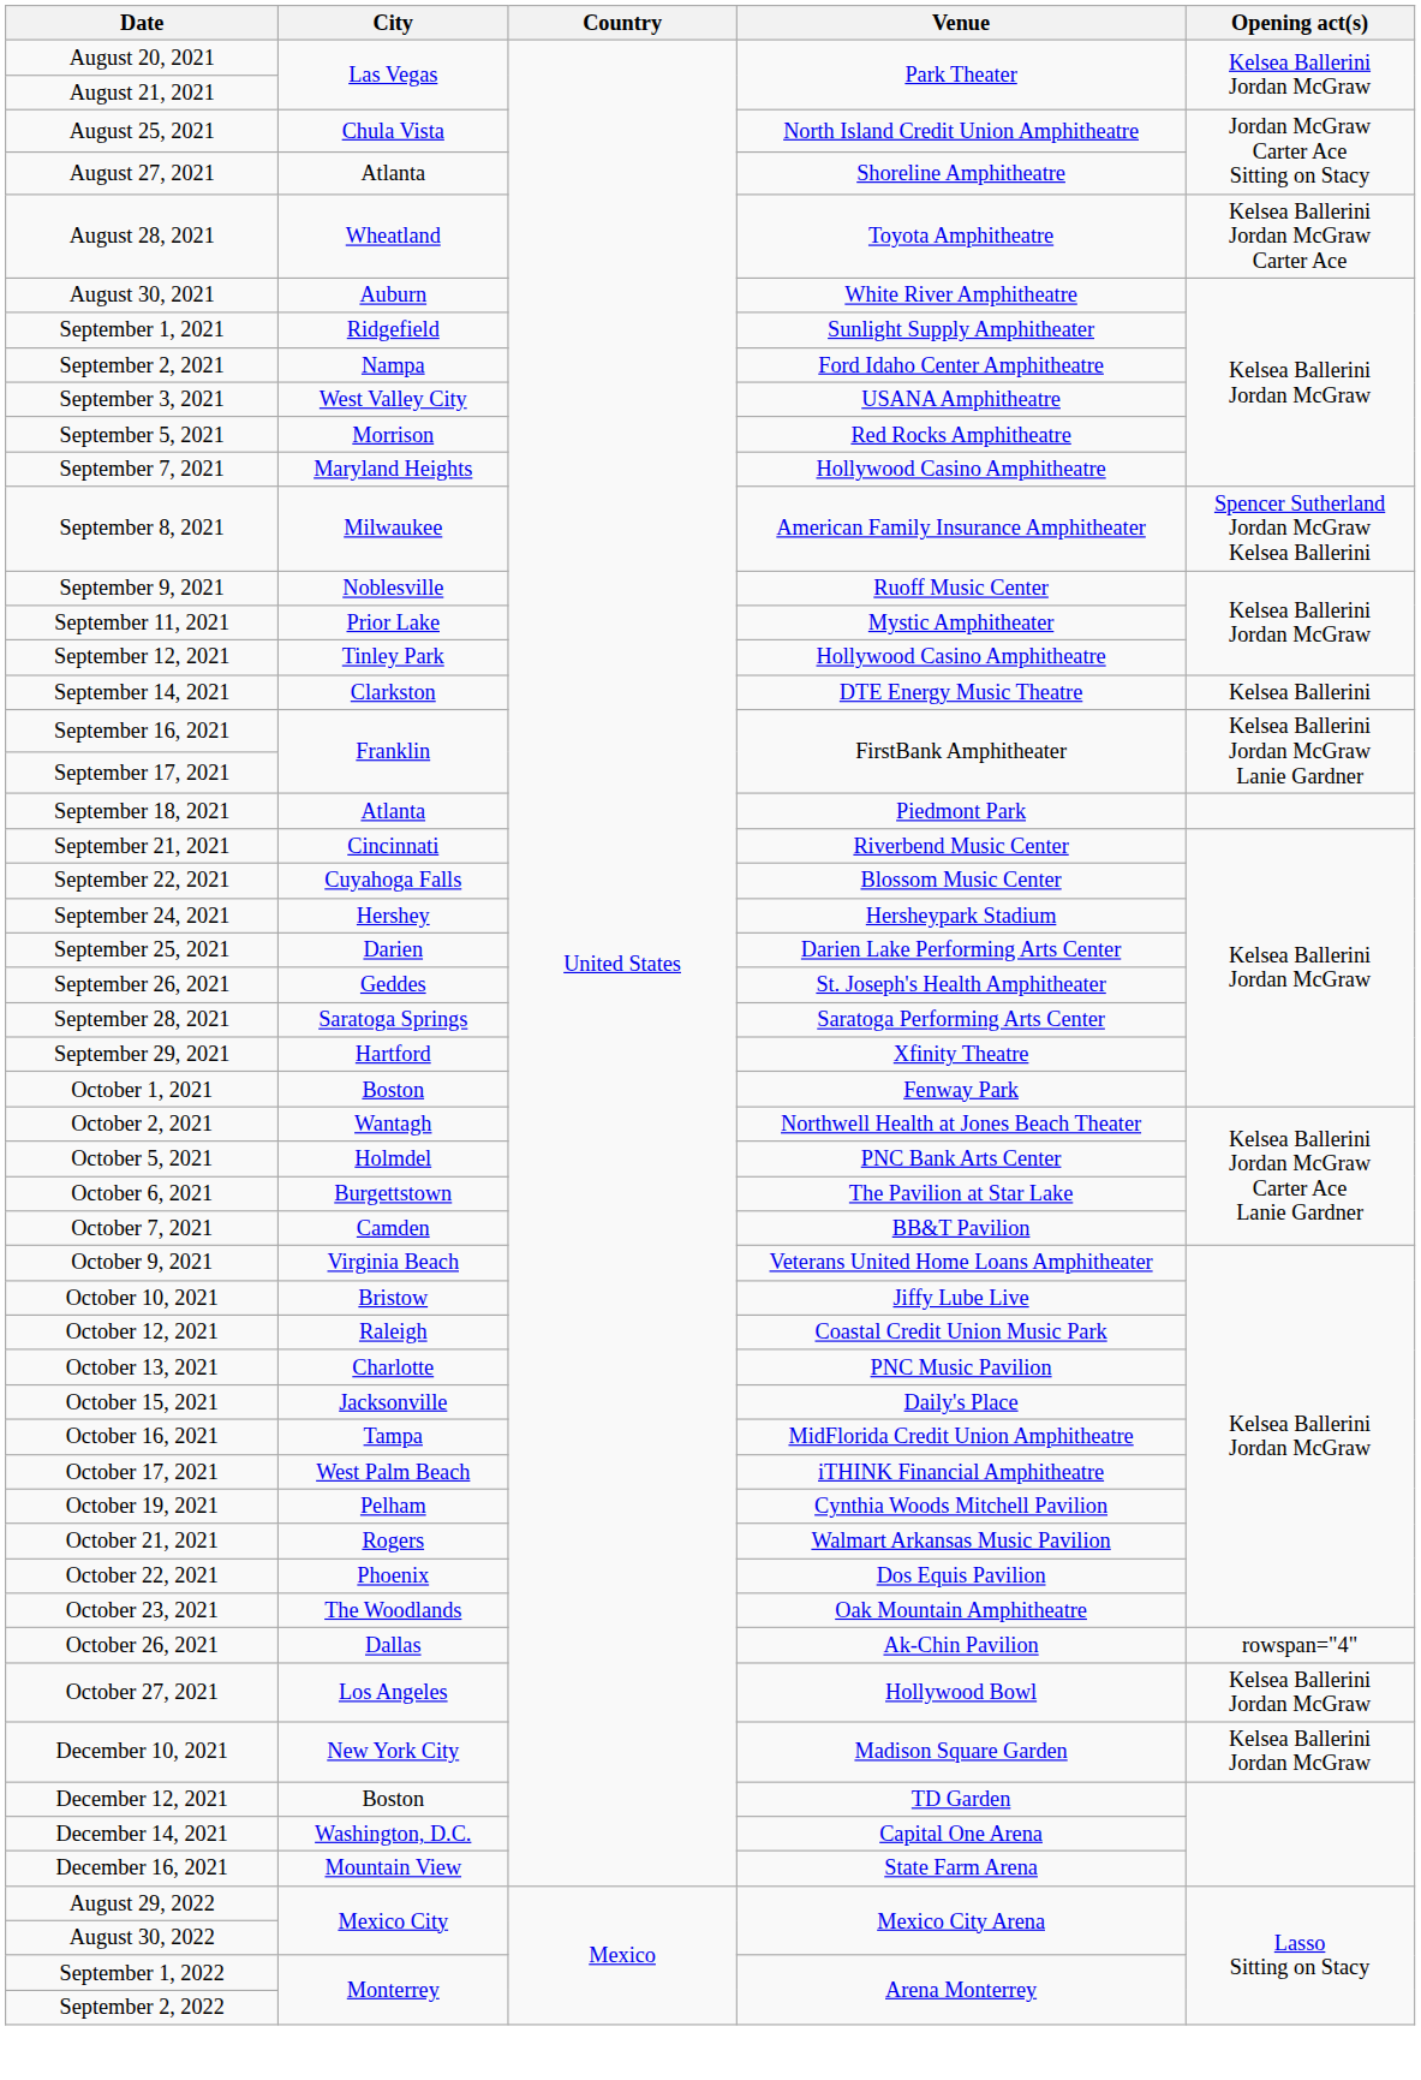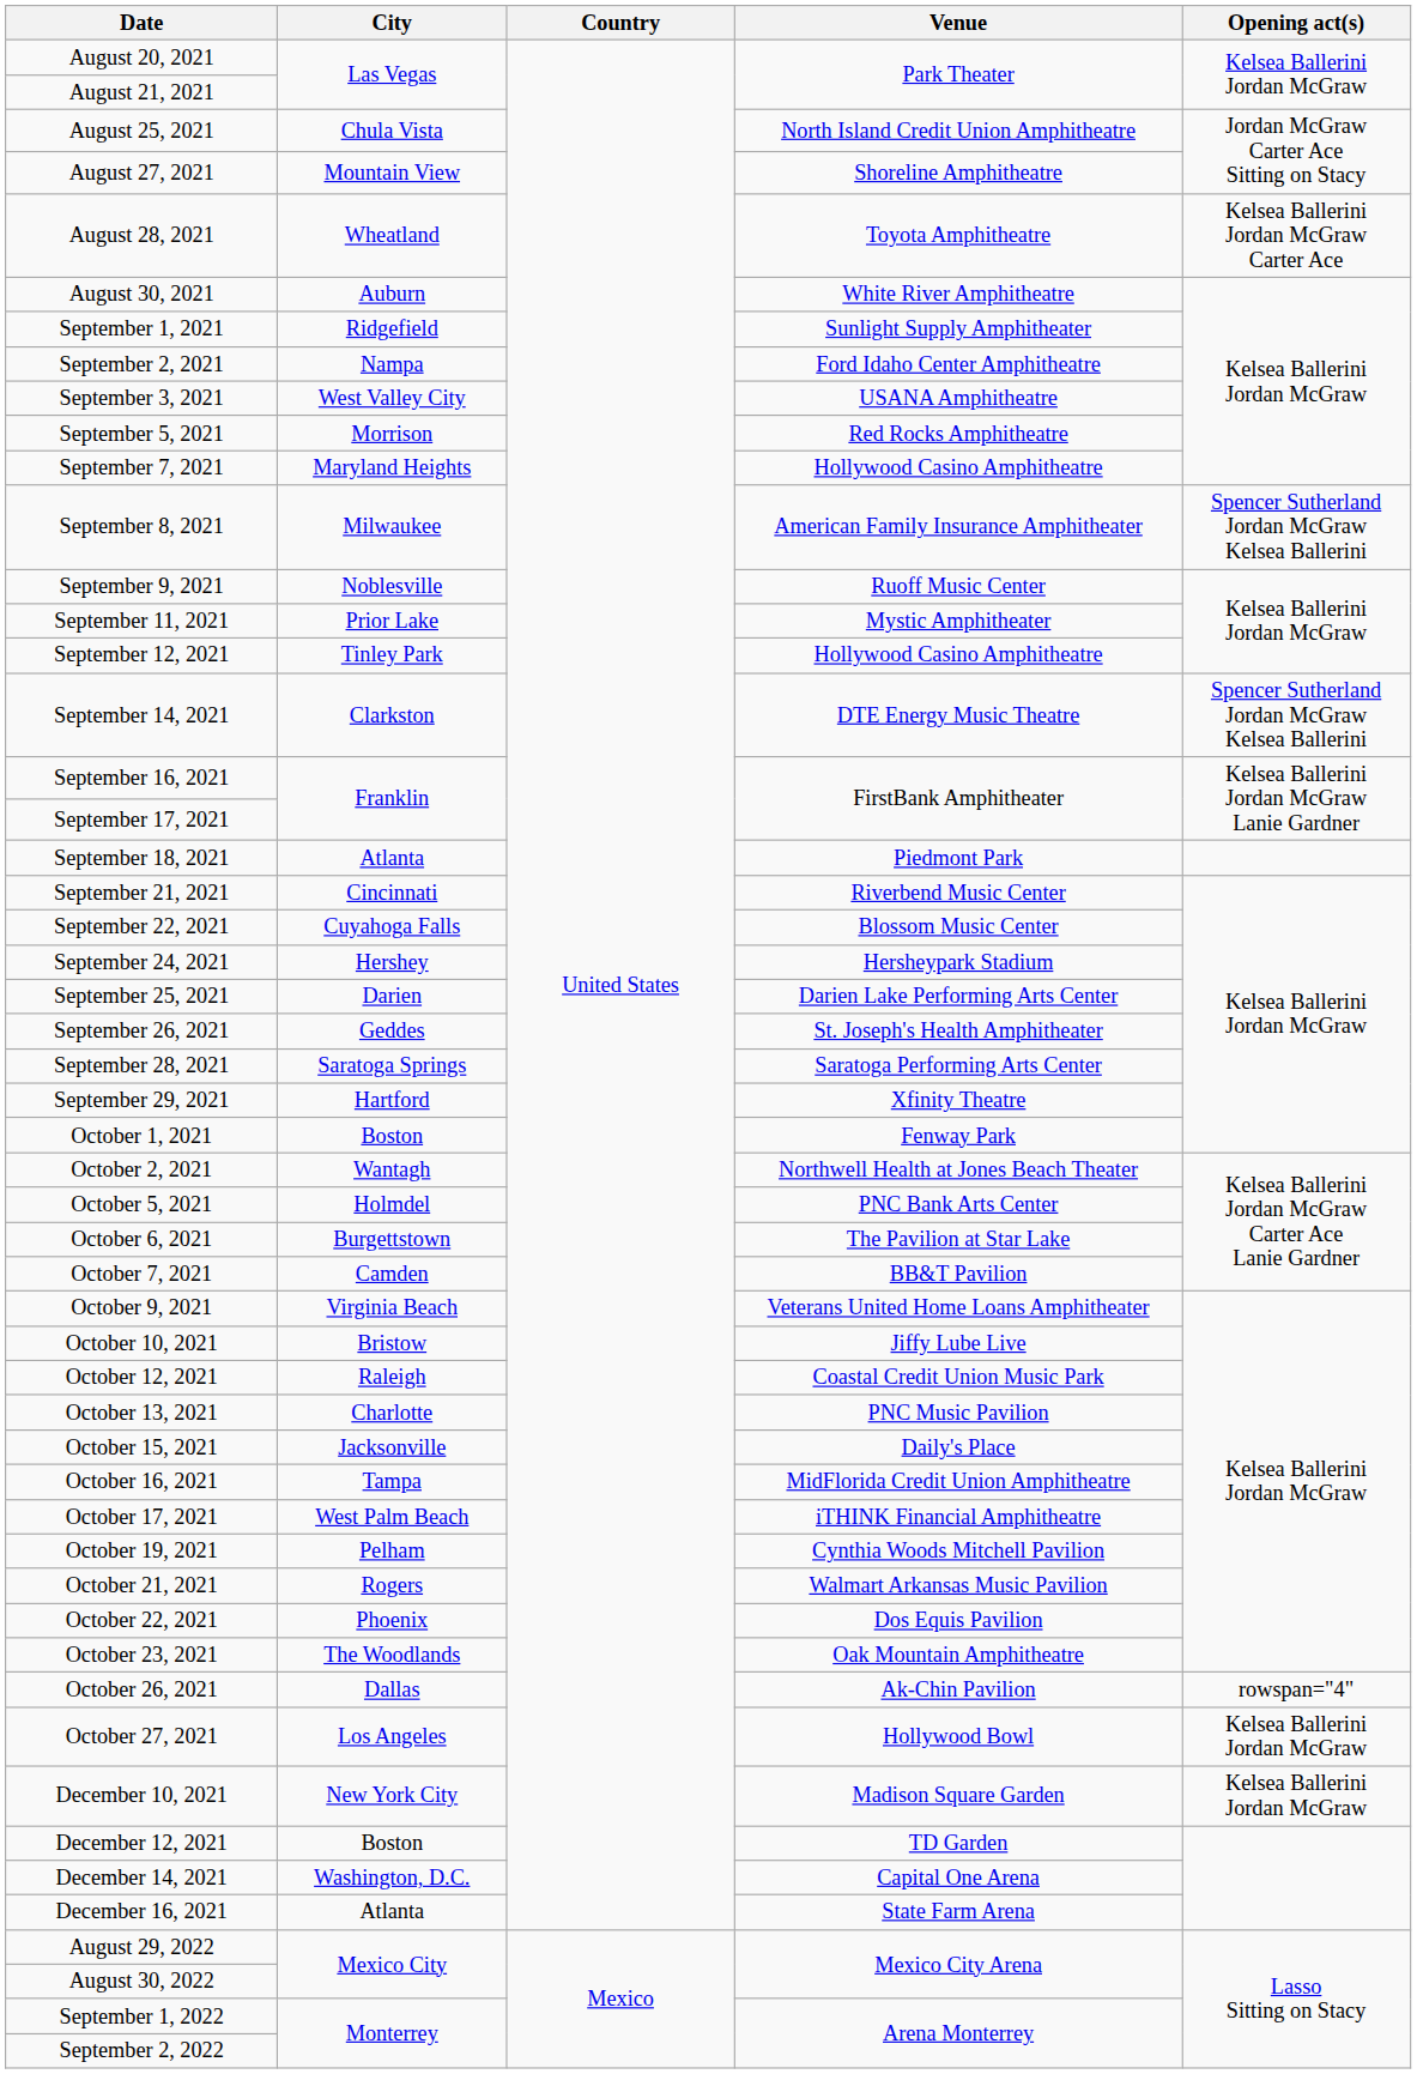 <table class="wikitable plainrowheaders" style="text-align:center">
 <tr>
 <th scope="col" style="width:12em;">Date</th>
 <th scope="col" style="width:10em;">City</th>
 <th scope="col" style="width:10em;">Country</th>
 <th scope="col" style="width:20em;">Venue</th>
 <th scope="col" style="width:10em;">Opening act(s)</th>
 </tr>
 <tr>
 <td scope="row">August 20, 2021</td>
 <td rowspan="2"><a href='#'>Las Vegas</a></td>
 <td rowspan="48"><a href='#'>United States</a></td>
 <td rowspan="2"><a href='#'>Park Theater</a></td>
 <td rowspan="2"><a href='#'>Kelsea Ballerini</a><br>Jordan McGraw</td>
 </tr>
 <tr>
 <td scope="row">August 21, 2021</td>
 </tr>
 <tr>
 <td scope="row">August 25, 2021</td>
 <td><a href='#'>Chula Vista</a></td>
 <td><a href='#'>North Island Credit Union Amphitheatre</a></td>
 <td rowspan="2">Jordan McGraw<br>Carter Ace<br>Sitting on Stacy</td>
 </tr>
 <tr>
 <td scope="row">August 27, 2021</td>
-<td>Atlanta</td>
+<td><a href='#'>Mountain View</a></td>
 <td><a href='#'>Shoreline Amphitheatre</a></td>
 </tr>
 <tr>
 <td scope="row">August 28, 2021</td>
 <td><a href='#'>Wheatland</a></td>
 <td><a href='#'>Toyota Amphitheatre</a></td>
 <td>Kelsea Ballerini<br>Jordan McGraw<br>Carter Ace</td>
 </tr>
 <tr>
 <td scope="row">August 30, 2021</td>
 <td><a href='#'>Auburn</a></td>
 <td><a href='#'>White River Amphitheatre</a></td>
 <td rowspan="6">Kelsea Ballerini<br>Jordan McGraw</td>
 </tr>
 <tr>
 <td scope="row">September 1, 2021</td>
 <td><a href='#'>Ridgefield</a></td>
 <td><a href='#'>Sunlight Supply Amphitheater</a></td>
 </tr>
 <tr>
 <td scope="row">September 2, 2021</td>
 <td><a href='#'>Nampa</a></td>
 <td><a href='#'>Ford Idaho Center Amphitheatre</a></td>
 </tr>
 <tr>
 <td scope="row">September 3, 2021</td>
 <td><a href='#'>West Valley City</a></td>
 <td><a href='#'>USANA Amphitheatre</a></td>
 </tr>
 <tr>
 <td scope="row">September 5, 2021</td>
 <td><a href='#'>Morrison</a></td>
 <td><a href='#'>Red Rocks Amphitheatre</a></td>
 </tr>
 <tr>
 <td scope="row">September 7, 2021</td>
 <td><a href='#'>Maryland Heights</a></td>
 <td><a href='#'>Hollywood Casino Amphitheatre</a></td>
 </tr>
 <tr>
 <td scope="row">September 8, 2021</td>
 <td><a href='#'>Milwaukee</a></td>
 <td><a href='#'>American Family Insurance Amphitheater</a></td>
 <td><a href='#'>Spencer Sutherland</a><br>Jordan McGraw<br>Kelsea Ballerini</td>
 </tr>
 <tr>
 <td scope="row">September 9, 2021</td>
 <td><a href='#'>Noblesville</a></td>
 <td><a href='#'>Ruoff Music Center</a></td>
 <td rowspan="3">Kelsea Ballerini<br>Jordan McGraw</td>
 </tr>
 <tr>
 <td scope="row">September 11, 2021</td>
 <td><a href='#'>Prior Lake</a></td>
 <td><a href='#'>Mystic Amphitheater</a></td>
 </tr>
 <tr>
 <td scope="row">September 12, 2021</td>
 <td><a href='#'>Tinley Park</a></td>
 <td><a href='#'>Hollywood Casino Amphitheatre</a></td>
 </tr>
 <tr>
 <td scope="row">September 14, 2021</td>
 <td><a href='#'>Clarkston</a></td>
 <td><a href='#'>DTE Energy Music Theatre</a></td>
-<td>Kelsea Ballerini</td>
+<td><a href='#'>Spencer Sutherland</a><br>Jordan McGraw<br>Kelsea Ballerini</td>
 </tr>
 <tr>
 <td scope="row">September 16, 2021</td>
 <td rowspan="2"><a href='#'>Franklin</a></td>
 <td rowspan="2">FirstBank Amphitheater</td>
 <td rowspan="2">Kelsea Ballerini<br>Jordan McGraw<br>Lanie Gardner</td>
 </tr>
 <tr>
 <td>September 17, 2021</td>
 </tr>
 <tr>
 <td>September 18, 2021</td>
 <td><a href='#'>Atlanta</a></td>
 <td><a href='#'>Piedmont Park</a></td>
 <td></td>
 </tr>
 <tr>
 <td scope="row">September 21, 2021</td>
 <td><a href='#'>Cincinnati</a></td>
 <td><a href='#'>Riverbend Music Center</a></td>
 <td rowspan="8">Kelsea Ballerini<br>Jordan McGraw</td>
 </tr>
 <tr>
 <td scope="row">September 22, 2021</td>
 <td><a href='#'>Cuyahoga Falls</a></td>
 <td><a href='#'>Blossom Music Center</a></td>
 </tr>
 <tr>
 <td scope="row">September 24, 2021</td>
 <td><a href='#'>Hershey</a></td>
 <td><a href='#'>Hersheypark Stadium</a></td>
 </tr>
 <tr>
 <td scope="row">September 25, 2021</td>
 <td><a href='#'>Darien</a></td>
 <td><a href='#'>Darien Lake Performing Arts Center</a></td>
 </tr>
 <tr>
 <td scope="row">September 26, 2021</td>
 <td><a href='#'>Geddes</a></td>
 <td><a href='#'>St. Joseph's Health Amphitheater</a></td>
 </tr>
 <tr>
 <td scope="row">September 28, 2021</td>
 <td><a href='#'>Saratoga Springs</a></td>
 <td><a href='#'>Saratoga Performing Arts Center</a></td>
 </tr>
 <tr>
 <td scope="row">September 29, 2021</td>
 <td><a href='#'>Hartford</a></td>
 <td><a href='#'>Xfinity Theatre</a></td>
 </tr>
 <tr>
 <td scope="row">October 1, 2021</td>
 <td><a href='#'>Boston</a></td>
 <td><a href='#'>Fenway Park</a></td>
 </tr>
 <tr>
 <td scope="row">October 2, 2021</td>
 <td><a href='#'>Wantagh</a></td>
 <td><a href='#'>Northwell Health at Jones Beach Theater</a></td>
 <td rowspan="4">Kelsea Ballerini<br>Jordan McGraw<br>Carter Ace<br>Lanie Gardner</td>
 </tr>
 <tr>
 <td scope="row">October 5, 2021</td>
 <td><a href='#'>Holmdel</a></td>
 <td><a href='#'>PNC Bank Arts Center</a></td>
 </tr>
 <tr>
 <td scope="row">October 6, 2021</td>
 <td><a href='#'>Burgettstown</a></td>
 <td><a href='#'>The Pavilion at Star Lake</a></td>
 </tr>
 <tr>
 <td scope="row">October 7, 2021</td>
 <td><a href='#'>Camden</a></td>
 <td><a href='#'>BB&T Pavilion</a></td>
 </tr>
 <tr>
 <td scope="row">October 9, 2021</td>
 <td><a href='#'>Virginia Beach</a></td>
 <td><a href='#'>Veterans United Home Loans Amphitheater</a></td>
 <td rowspan="11">Kelsea Ballerini<br>Jordan McGraw</td>
 </tr>
 <tr>
 <td scope="row">October 10, 2021</td>
 <td><a href='#'>Bristow</a></td>
 <td><a href='#'>Jiffy Lube Live</a></td>
 </tr>
 <tr>
 <td scope="row">October 12, 2021</td>
 <td><a href='#'>Raleigh</a></td>
 <td><a href='#'>Coastal Credit Union Music Park</a></td>
 </tr>
 <tr>
 <td scope="row">October 13, 2021</td>
 <td><a href='#'>Charlotte</a></td>
 <td><a href='#'>PNC Music Pavilion</a></td>
 </tr>
 <tr>
 <td scope="row">October 15, 2021</td>
 <td><a href='#'>Jacksonville</a></td>
 <td><a href='#'>Daily's Place</a></td>
 </tr>
 <tr>
 <td scope="row">October 16, 2021</td>
 <td><a href='#'>Tampa</a></td>
 <td><a href='#'>MidFlorida Credit Union Amphitheatre</a></td>
 </tr>
 <tr>
 <td scope="row">October 17, 2021</td>
 <td><a href='#'>West Palm Beach</a></td>
 <td><a href='#'>iTHINK Financial Amphitheatre</a></td>
 </tr>
 <tr>
 <td scope="row">October 19, 2021</td>
 <td><a href='#'>Pelham</a></td>
 <td><a href='#'>Cynthia Woods Mitchell Pavilion</a></td>
 </tr>
 <tr>
 <td scope="row">October 21, 2021</td>
 <td><a href='#'>Rogers</a></td>
 <td><a href='#'>Walmart Arkansas Music Pavilion</a></td>
 </tr>
 <tr>
 <td scope="row">October 22, 2021</td>
 <td><a href='#'>Phoenix</a></td>
 <td><a href='#'>Dos Equis Pavilion</a></td>
 </tr>
 <tr>
 <td scope="row">October 23, 2021</td>
 <td><a href='#'>The Woodlands</a></td>
 <td><a href='#'>Oak Mountain Amphitheatre</a></td>
 </tr>
 <tr>
 <td scope="row">October 26, 2021</td>
 <td><a href='#'>Dallas</a></td>
 <td><a href='#'>Ak-Chin Pavilion</a></td>
 <td>rowspan="4" </td>
 </tr>
 <tr>
 <td scope="row">October 27, 2021</td>
 <td><a href='#'>Los Angeles</a></td>
 <td><a href='#'>Hollywood Bowl</a></td>
 <td>Kelsea Ballerini<br>Jordan McGraw</td>
 </tr>
 <tr>
 <td scope="row">December 10, 2021</td>
 <td><a href='#'>New York City</a></td>
 <td><a href='#'>Madison Square Garden</a></td>
 <td>Kelsea Ballerini<br>Jordan McGraw</td>
 </tr>
 <tr>
 <td scope="row">December 12, 2021</td>
 <td>Boston</td>
 <td><a href='#'>TD Garden</a></td>
 </tr>
 <tr>
 <td scope="row">December 14, 2021</td>
 <td><a href='#'>Washington, D.C.</a></td>
 <td><a href='#'>Capital One Arena</a></td>
 </tr>
 <tr>
 <td scope="row">December 16, 2021</td>
-<td><a href='#'>Mountain View</a></td>
+<td>Atlanta</td>
 <td><a href='#'>State Farm Arena</a></td>
 </tr>
 <tr>
 <td>August 29, 2022</td>
 <td rowspan="2"><a href='#'>Mexico City</a></td>
 <td rowspan="4"><a href='#'>Mexico</a></td>
 <td rowspan="2"><a href='#'>Mexico City Arena</a></td>
 <td rowspan="4"><a href='#'>Lasso</a><br>Sitting on Stacy</td>
 </tr>
 <tr>
 <td>August 30, 2022</td>
 </tr>
 <tr>
 <td>September 1, 2022</td>
 <td rowspan="2"><a href='#'>Monterrey</a></td>
 <td rowspan="2"><a href='#'>Arena Monterrey</a></td>
 </tr>
 <tr>
 <td>September 2, 2022</td>
 </tr>
 </table>
